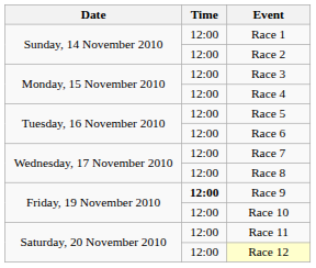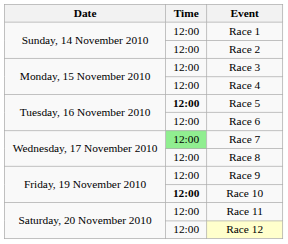 <table class = "wikitable" style="text-align:center;">
 <tr>
 <th width=220>Date</th>
 <th width=50>Time</th>
 <th width=100>Event</th>
 </tr>
 <tr>
 <td rowspan=2>Sunday, 14 November 2010</td>
 <td>12:00</td>
 <td>Race 1</td>
 </tr>
 <tr>
 <td>12:00</td>
 <td>Race 2</td>
 </tr>
 <tr>
 <td rowspan=2>Monday, 15 November 2010</td>
 <td>12:00</td>
 <td>Race 3</td>
 </tr>
 <tr>
 <td>12:00</td>
 <td>Race 4</td>
 </tr>
 <tr>
 <td rowspan=2>Tuesday, 16 November 2010</td>
-<td>12:00</td>
+<td><strong>12:00</strong></td>
 <td>Race 5</td>
 </tr>
 <tr>
 <td>12:00</td>
 <td>Race 6</td>
 </tr>
 <tr>
 <td rowspan=2>Wednesday, 17 November 2010</td>
-<td>12:00</td>
+<td style="background: lightgreen;">12:00</td>
 <td>Race 7</td>
 </tr>
 <tr>
 <td>12:00</td>
 <td>Race 8</td>
 </tr>
 <tr>
 <td rowspan=2>Friday, 19 November 2010</td>
-<td><strong>12:00</strong></td>
+<td>12:00</td>
 <td>Race 9</td>
 </tr>
 <tr>
-<td>12:00</td>
+<td><strong>12:00</strong></td>
 <td>Race 10</td>
 </tr>
 <tr>
 <td rowspan=2>Saturday, 20 November 2010</td>
 <td>12:00</td>
 <td>Race 11</td>
 </tr>
 <tr>
 <td>12:00</td>
 <td bgcolor=ffffcc>Race 12</td>
 </tr>
 </table>
